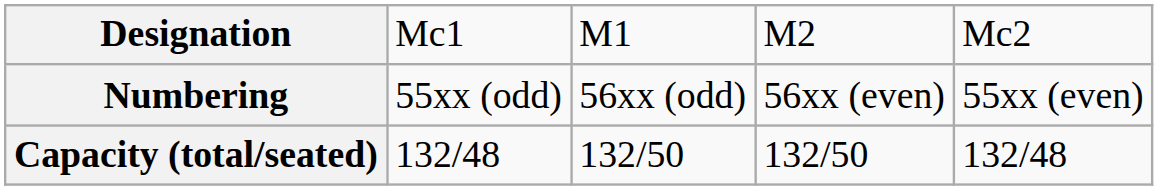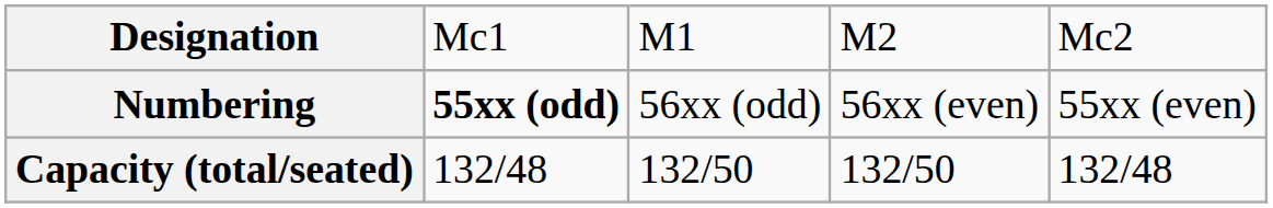 <table class="wikitable">
 <tr>
 <th>Designation</th>
 <td>Mc1</td>
 <td>M1</td>
 <td>M2</td>
 <td>Mc2</td>
 </tr>
 <tr>
 <th>Numbering</th>
-<td>55xx (odd)</td>
+<td><strong>55xx (odd)</strong></td>
 <td>56xx (odd)</td>
 <td>56xx (even)</td>
 <td>55xx (even)</td>
 </tr>
 <tr>
 <th>Capacity (total/seated)</th>
 <td>132/48</td>
 <td>132/50</td>
 <td>132/50</td>
 <td>132/48</td>
 </tr>
 </table>
